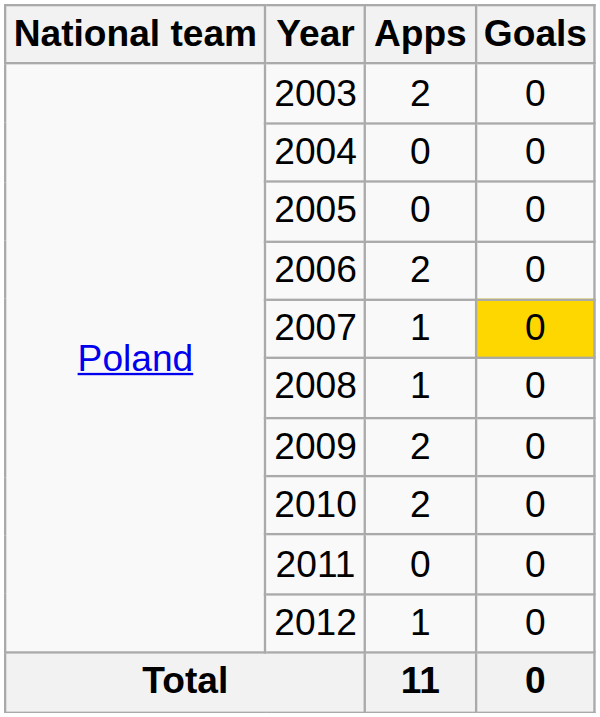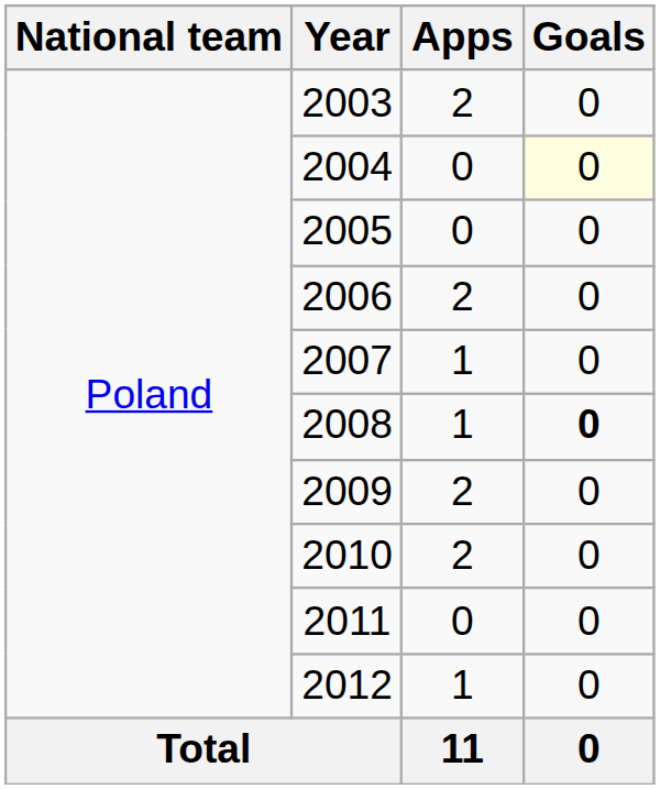 <table class="wikitable" style="text-align:center">
 <tr>
 <th>National team</th>
 <th scope=col>Year</th>
 <th scope=col>Apps</th>
 <th scope=col>Goals</th>
 </tr>
 <tr>
 <td rowspan="10"><a href='#'>Poland</a></td>
 <td>2003</td>
 <td>2</td>
 <td>0</td>
 </tr>
 <tr>
 <td>2004</td>
 <td>0</td>
-<td>0</td>
+<td style="background: lightyellow;">0</td>
 </tr>
 <tr>
 <td>2005</td>
 <td>0</td>
 <td>0</td>
 </tr>
 <tr>
 <td>2006</td>
 <td>2</td>
 <td>0</td>
 </tr>
 <tr>
 <td>2007</td>
 <td>1</td>
-<td style="background: gold;">0</td>
+<td>0</td>
 </tr>
 <tr>
 <td>2008</td>
 <td>1</td>
-<td>0</td>
+<td><strong>0</strong></td>
 </tr>
 <tr>
 <td>2009</td>
 <td>2</td>
 <td>0</td>
 </tr>
 <tr>
 <td>2010</td>
 <td>2</td>
 <td>0</td>
 </tr>
 <tr>
 <td>2011</td>
 <td>0</td>
 <td>0</td>
 </tr>
 <tr>
 <td>2012</td>
 <td>1</td>
 <td>0</td>
 </tr>
 <tr>
 <th colspan="2">Total</th>
 <th>11</th>
 <th>0</th>
 </tr>
 </table>
